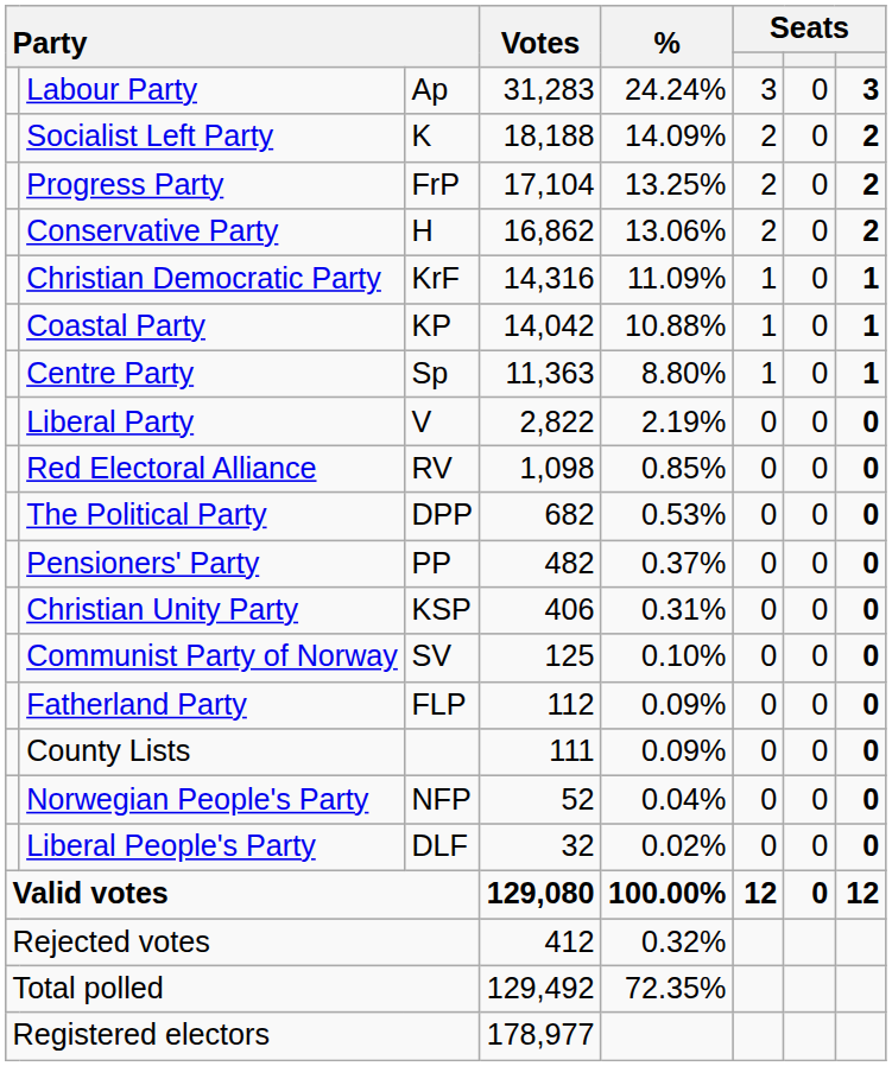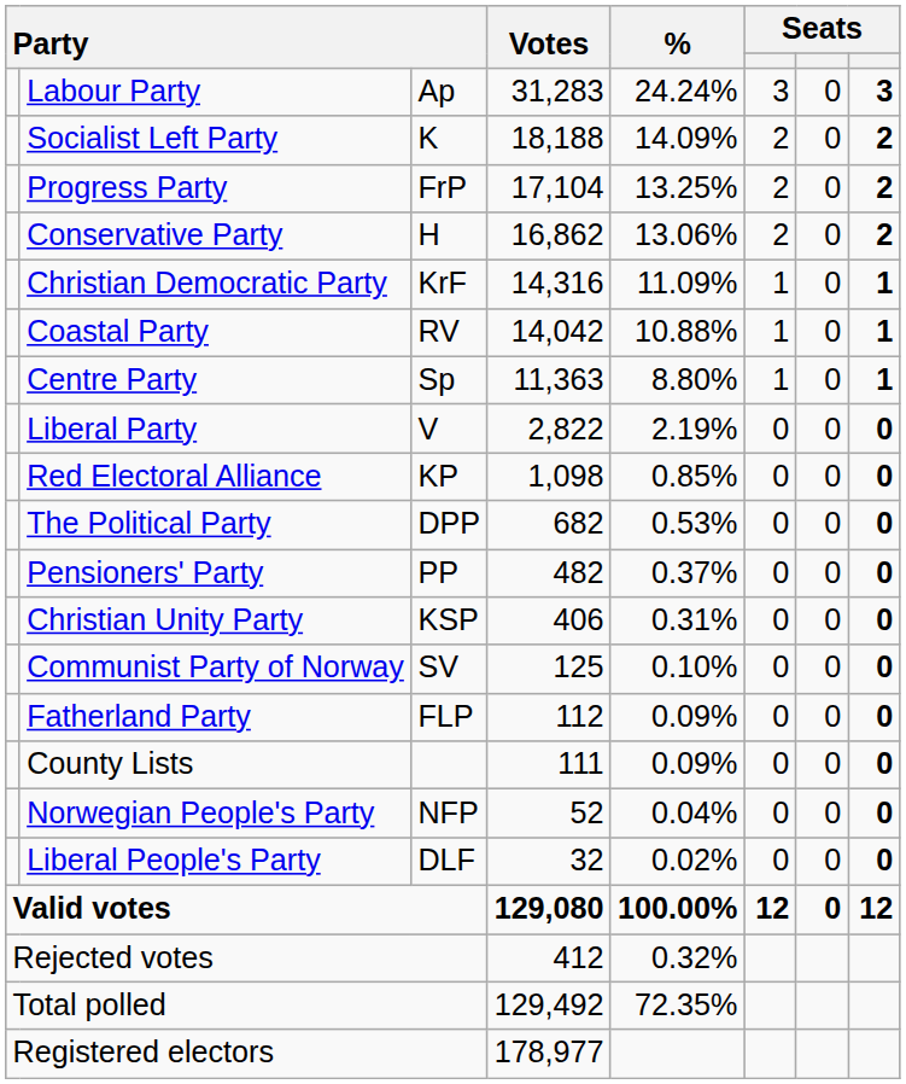 <table class="wikitable" border="1" style="text-align:right;">
 <tr>
 <th style="text-align:left;" valign=bottom rowspan=2 colspan=3>Party</th>
 <th align=center valign=bottom rowspan=2 width="50">Votes</th>
 <th align=center valign=bottom rowspan=2 width="50">%</th>
 <th colspan=3>Seats</th>
 </tr>
 <tr>
 <th align=center valign=bottom width="20"><small></small></th>
 <th align=center valign=bottom width="20"><small><a href='#'></a></small></th>
 <th align=center valign=bottom width="20"><small></small></th>
 </tr>
 <tr>
 <td style="color:inherit;background:"></td>
 <td align=left><a href='#'>Labour Party</a></td>
 <td align=left>Ap</td>
 <td>31,283</td>
 <td>24.24%</td>
 <td>3</td>
 <td>0</td>
 <td><strong>3</strong></td>
 </tr>
 <tr>
 <td style="color:inherit;background:"></td>
 <td align=left><a href='#'>Socialist Left Party</a></td>
 <td align=left>K</td>
 <td>18,188</td>
 <td>14.09%</td>
 <td>2</td>
 <td>0</td>
 <td><strong>2</strong></td>
 </tr>
 <tr>
 <td style="color:inherit;background:"></td>
 <td align=left><a href='#'>Progress Party</a></td>
 <td align=left>FrP</td>
 <td>17,104</td>
 <td>13.25%</td>
 <td>2</td>
 <td>0</td>
 <td><strong>2</strong></td>
 </tr>
 <tr>
 <td style="color:inherit;background:"></td>
 <td align=left><a href='#'>Conservative Party</a></td>
 <td align=left>H</td>
 <td>16,862</td>
 <td>13.06%</td>
 <td>2</td>
 <td>0</td>
 <td><strong>2</strong></td>
 </tr>
 <tr>
 <td style="color:inherit;background:"></td>
 <td align=left><a href='#'>Christian Democratic Party</a></td>
 <td align=left>KrF</td>
 <td>14,316</td>
 <td>11.09%</td>
 <td>1</td>
 <td>0</td>
 <td><strong>1</strong></td>
 </tr>
 <tr>
 <td style="color:inherit;background:"></td>
 <td align=left><a href='#'>Coastal Party</a></td>
-<td align=left>KP</td>
+<td align=left>RV</td>
 <td>14,042</td>
 <td>10.88%</td>
 <td>1</td>
 <td>0</td>
 <td><strong>1</strong></td>
 </tr>
 <tr>
 <td style="color:inherit;background:"></td>
 <td align=left><a href='#'>Centre Party</a></td>
 <td align=left>Sp</td>
 <td>11,363</td>
 <td>8.80%</td>
 <td>1</td>
 <td>0</td>
 <td><strong>1</strong></td>
 </tr>
 <tr>
 <td style="color:inherit;background:"></td>
 <td align=left><a href='#'>Liberal Party</a></td>
 <td align=left>V</td>
 <td>2,822</td>
 <td>2.19%</td>
 <td>0</td>
 <td>0</td>
 <td><strong>0</strong></td>
 </tr>
 <tr>
 <td style="color:inherit;background:"></td>
 <td align=left><a href='#'>Red Electoral Alliance</a></td>
-<td align=left>RV</td>
+<td align=left>KP</td>
 <td>1,098</td>
 <td>0.85%</td>
 <td>0</td>
 <td>0</td>
 <td><strong>0</strong></td>
 </tr>
 <tr>
 <td style="color:inherit;background:"></td>
 <td align=left><a href='#'>The Political Party</a></td>
 <td align=left>DPP</td>
 <td>682</td>
 <td>0.53%</td>
 <td>0</td>
 <td>0</td>
 <td><strong>0</strong></td>
 </tr>
 <tr>
 <td style="color:inherit;background:"></td>
 <td align=left><a href='#'>Pensioners' Party</a></td>
 <td align=left>PP</td>
 <td>482</td>
 <td>0.37%</td>
 <td>0</td>
 <td>0</td>
 <td><strong>0</strong></td>
 </tr>
 <tr>
 <td style="color:inherit;background:"></td>
 <td align=left><a href='#'>Christian Unity Party</a></td>
 <td align=left>KSP</td>
 <td>406</td>
 <td>0.31%</td>
 <td>0</td>
 <td>0</td>
 <td><strong>0</strong></td>
 </tr>
 <tr>
 <td style="color:inherit;background:"></td>
 <td align=left><a href='#'>Communist Party of Norway</a></td>
 <td align=left>SV</td>
 <td>125</td>
 <td>0.10%</td>
 <td>0</td>
 <td>0</td>
 <td><strong>0</strong></td>
 </tr>
 <tr>
 <td style="color:inherit;background:"></td>
 <td align=left><a href='#'>Fatherland Party</a></td>
 <td align=left>FLP</td>
 <td>112</td>
 <td>0.09%</td>
 <td>0</td>
 <td>0</td>
 <td><strong>0</strong></td>
 </tr>
 <tr>
 <td></td>
 <td align=left>County Lists</td>
 <td align=left></td>
 <td>111</td>
 <td>0.09%</td>
 <td>0</td>
 <td>0</td>
 <td><strong>0</strong></td>
 </tr>
 <tr>
 <td style="color:inherit;background:"></td>
 <td align=left><a href='#'>Norwegian People's Party</a></td>
 <td align=left>NFP</td>
 <td>52</td>
 <td>0.04%</td>
 <td>0</td>
 <td>0</td>
 <td><strong>0</strong></td>
 </tr>
 <tr>
 <td style="color:inherit;background:"></td>
 <td align=left><a href='#'>Liberal People's Party</a></td>
 <td align=left>DLF</td>
 <td>32</td>
 <td>0.02%</td>
 <td>0</td>
 <td>0</td>
 <td><strong>0</strong></td>
 </tr>
 <tr style="font-weight:bold">
 <td align=left colspan=3>Valid votes</td>
 <td>129,080</td>
 <td>100.00%</td>
 <td>12</td>
 <td>0</td>
 <td>12</td>
 </tr>
 <tr>
 <td align=left colspan=3>Rejected votes</td>
 <td>412</td>
 <td>0.32%</td>
 <td></td>
 <td></td>
 <td></td>
 </tr>
 <tr>
 <td align=left colspan=3>Total polled</td>
 <td>129,492</td>
 <td>72.35%</td>
 <td></td>
 <td></td>
 <td></td>
 </tr>
 <tr>
 <td align=left colspan=3>Registered electors</td>
 <td>178,977</td>
 <td></td>
 <td></td>
 <td></td>
 <td></td>
 </tr>
 </table>
